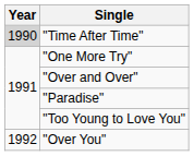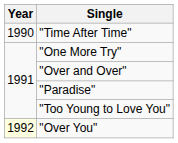 <table class="wikitable">
 <tr>
 <th align="left">Year</th>
 <th align="left">Single</th>
 </tr>
 <tr>
-<td style="background: lightgrey; text-align:left;">1990</td>
+<td style="text-align:left;">1990</td>
 <td align="left">"Time After Time"</td>
 </tr>
 <tr>
 <td style="text-align:left;" rowspan="4">1991</td>
 <td align="left">"One More Try"</td>
 </tr>
 <tr>
 <td align="left">"Over and Over"</td>
 </tr>
 <tr>
 <td align="left">"Paradise"</td>
 </tr>
 <tr>
 <td align="left">"Too Young to Love You"</td>
 </tr>
 <tr>
-<td style="text-align:left;">1992</td>
+<td style="background: lightyellow; text-align:left;">1992</td>
 <td align="left">"Over You"</td>
 </tr>
 </table>
